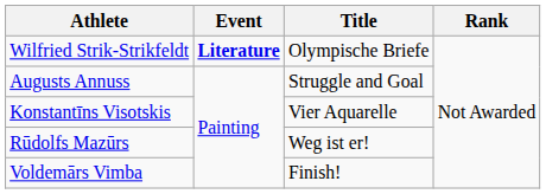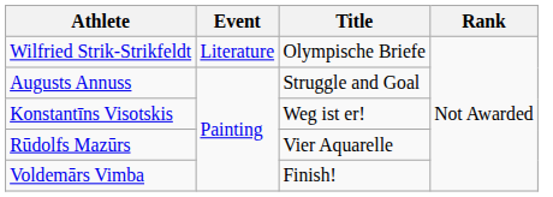 <table class="wikitable" style="font-size:95%">
 <tr>
 <th rowspan="1">Athlete</th>
 <th rowspan="1">Event</th>
 <th colspan=1>Title</th>
 <th colspan=1>Rank</th>
 </tr>
 <tr align=center>
 <td align=left><a href='#'>Wilfried Strik-Strikfeldt</a></td>
-<td align=left><strong><a href='#'>Literature</a></strong></td>
+<td align=left><a href='#'>Literature</a></td>
 <td align=left>Olympische Briefe</td>
 <td rowspan="5">Not Awarded</td>
 </tr>
 <tr align=center>
 <td align=left><a href='#'>Augusts Annuss</a></td>
 <td rowspan="4" align=left><a href='#'>Painting</a></td>
 <td align=left>Struggle and Goal</td>
 </tr>
 <tr align=center>
 <td align=left><a href='#'>Konstantīns Visotskis</a></td>
-<td align=left>Vier Aquarelle</td>
+<td align=left>Weg ist er!</td>
 </tr>
 <tr align=center>
 <td align=left><a href='#'>Rūdolfs Mazūrs</a></td>
-<td align=left>Weg ist er!</td>
+<td align=left>Vier Aquarelle</td>
 </tr>
 <tr align=center>
 <td align=left><a href='#'>Voldemārs Vimba</a></td>
 <td align=left>Finish!</td>
 </tr>
 </table>
